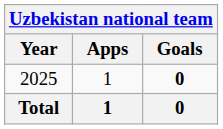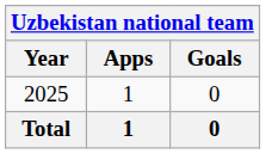 <table class="wikitable" style="text-align:center">
 <tr>
 <th colspan=3><a href='#'>Uzbekistan national team</a></th>
 </tr>
 <tr>
 <th>Year</th>
 <th>Apps</th>
 <th>Goals</th>
 </tr>
 <tr>
 <td>2025</td>
 <td>1</td>
-<td><strong>0</strong></td>
+<td>0</td>
 </tr>
 <tr>
 <th>Total</th>
 <th>1</th>
 <th>0</th>
 </tr>
 </table>
